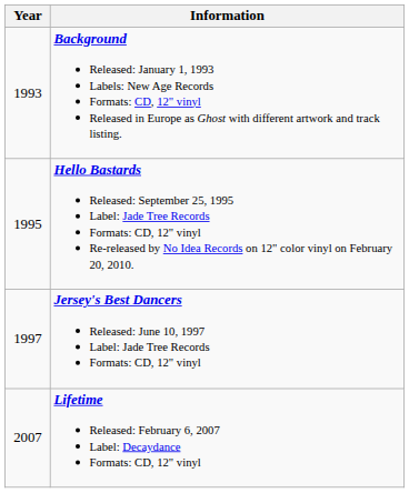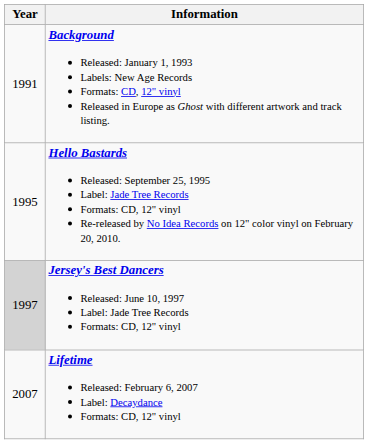 <table class="wikitable">
 <tr>
 <th rowspan="1" width="44">Year</th>
 <th rowspan="1" width="390">Information</th>
 </tr>
 <tr>
-<td align=center width="44">1993</td>
+<td align=center width="44">1991</td>
 <td width="390"><strong><em><a href='#'>Background</a></em></strong><br><ul><li><small>Released: January 1, 1993</small></li><li><small>Labels: New Age Records</small></li><li><small>Formats: <a href='#'>CD</a>, <a href='#'>12" vinyl</a></small></li><li><small>Released in Europe as <em>Ghost</em> with different artwork and track listing.</small></li></ul></td>
 </tr>
 <tr>
 <td align=center width="44">1995</td>
 <td width="390"><strong><em><a href='#'>Hello Bastards</a></em></strong><br><ul><li><small>Released: September 25, 1995</small></li><li><small>Label: <a href='#'>Jade Tree Records</a></small></li><li><small>Formats: CD, 12" vinyl</small></li><li><small>Re-released by <a href='#'>No Idea Records</a> on 12" color vinyl on February 20, 2010.</small></li></ul></td>
 </tr>
 <tr>
-<td align=center width="44">1997</td>
+<td align=center width="44" style="background: lightgrey;">1997</td>
 <td width="390"><strong><em><a href='#'>Jersey's Best Dancers</a></em></strong><br><ul><li><small>Released: June 10, 1997</small></li><li><small>Label: Jade Tree Records</small></li><li><small>Formats: CD, 12" vinyl</small></li></ul></td>
 </tr>
 <tr>
 <td align=center width="44">2007</td>
 <td width="390"><strong><em><a href='#'>Lifetime</a></em></strong><br><ul><li><small>Released: February 6, 2007</small></li><li><small>Label: <a href='#'>Decaydance</a></small></li><li><small>Formats: CD, 12" vinyl</small></li></ul></td>
 </tr>
 </table>
